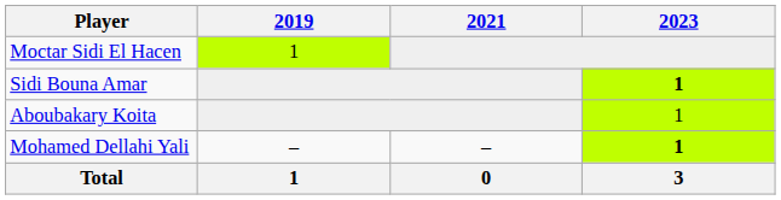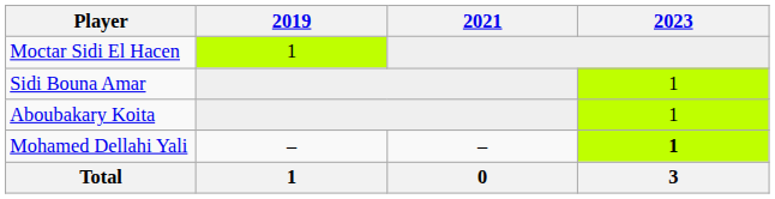 <table class="wikitable alternance" style="font-size:99%; text-align:center; width:70%">
 <tr>
 <th width=15%>Player</th>
 <th width=15%><a href='#'>2019</a></th>
 <th width=15%><a href='#'>2021</a></th>
 <th width=15%><a href='#'>2023</a></th>
 </tr>
 <tr>
 <td align="left"><a href='#'>Moctar Sidi El Hacen</a></td>
 <td bgcolor=bfff00>1</td>
 <td colspan="2"bgcolor=efefef></td>
 </tr>
 <tr>
 <td align="left"><a href='#'>Sidi Bouna Amar</a></td>
 <td colspan="2"bgcolor=efefef></td>
-<td bgcolor=bfff00><strong>1</strong></td>
+<td bgcolor=bfff00>1</td>
 </tr>
 <tr>
 <td align="left"><a href='#'>Aboubakary Koita</a></td>
 <td colspan="2"bgcolor=efefef></td>
 <td bgcolor=bfff00>1</td>
 </tr>
 <tr>
 <td align="left"><a href='#'>Mohamed Dellahi Yali</a></td>
 <td>–</td>
 <td>–</td>
 <td bgcolor=bfff00><strong>1</strong></td>
 </tr>
 <tr>
 <th>Total</th>
 <th>1</th>
 <th>0</th>
 <th>3</th>
 </tr>
 </table>
